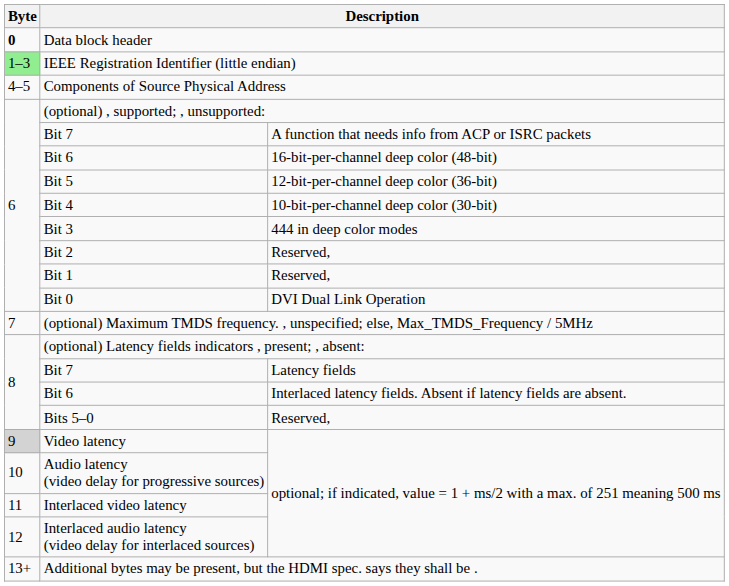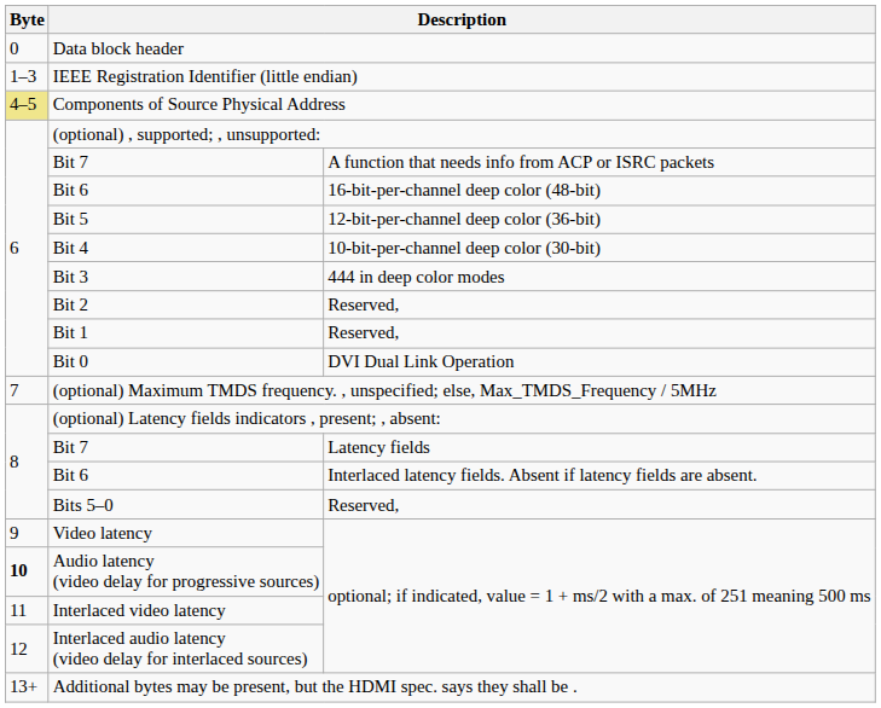 <table class="wikitable">
 <tr>
 <th>Byte</th>
 <th colspan=2>Description</th>
 </tr>
 <tr>
-<td><strong>0</strong></td>
+<td>0</td>
 <td colspan=2>Data block header</td>
 </tr>
 <tr>
-<td style="background: lightgreen;">1–3</td>
+<td>1–3</td>
 <td colspan=2>IEEE Registration Identifier (little endian)</td>
 </tr>
 <tr>
-<td>4–5</td>
+<td style="background: khaki;">4–5</td>
 <td colspan=2>Components of Source Physical Address</td>
 </tr>
 <tr>
 <td rowspan=9>6</td>
 <td colspan=2>(optional) , supported; , unsupported:</td>
 </tr>
 <tr>
 <td>Bit 7</td>
 <td>A function that needs info from ACP or ISRC packets</td>
 </tr>
 <tr>
 <td>Bit 6</td>
 <td>16-bit-per-channel deep color (48-bit)</td>
 </tr>
 <tr>
 <td>Bit 5</td>
 <td>12-bit-per-channel deep color (36-bit)</td>
 </tr>
 <tr>
 <td>Bit 4</td>
 <td>10-bit-per-channel deep color (30-bit)</td>
 </tr>
 <tr>
 <td>Bit 3</td>
 <td>444 in deep color modes</td>
 </tr>
 <tr>
 <td>Bit 2</td>
 <td>Reserved, </td>
 </tr>
 <tr>
 <td>Bit 1</td>
 <td>Reserved, </td>
 </tr>
 <tr>
 <td>Bit 0</td>
 <td>DVI Dual Link Operation</td>
 </tr>
 <tr>
 <td>7</td>
 <td colspan=2>(optional) Maximum TMDS frequency. , unspecified; else, Max_TMDS_Frequency / 5MHz</td>
 </tr>
 <tr>
 <td rowspan=4>8</td>
 <td colspan=2>(optional) Latency fields indicators , present; , absent:</td>
 </tr>
 <tr>
 <td>Bit 7</td>
 <td>Latency fields</td>
 </tr>
 <tr>
 <td>Bit 6</td>
 <td>Interlaced latency fields. Absent if latency fields are absent.</td>
 </tr>
 <tr>
 <td>Bits 5–0</td>
 <td>Reserved, </td>
 </tr>
 <tr>
-<td style="background: lightgrey;">9</td>
+<td>9</td>
 <td>Video latency</td>
 <td rowspan=4>optional; if indicated, value = 1 + ms/2 with a max. of 251 meaning 500 ms</td>
 </tr>
 <tr>
-<td>10</td>
+<td><strong>10</strong></td>
 <td>Audio latency <br>(video delay for progressive sources)</td>
 </tr>
 <tr>
 <td>11</td>
 <td>Interlaced video latency</td>
 </tr>
 <tr>
 <td>12</td>
 <td>Interlaced audio latency <br>(video delay for interlaced sources)</td>
 </tr>
 <tr>
 <td>13+</td>
 <td colspan=2>Additional bytes may be present, but the HDMI spec. says they shall be .</td>
 </tr>
 </table>
